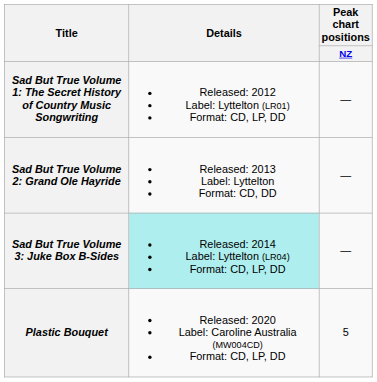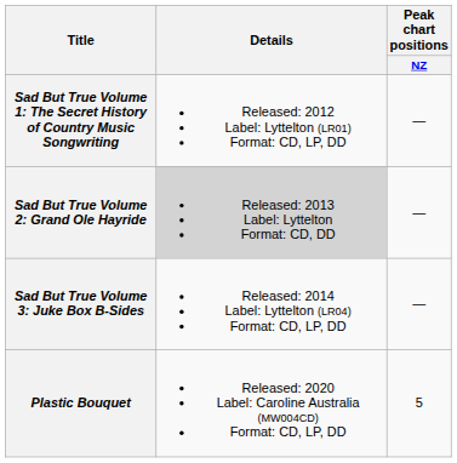 <table class="wikitable plainrowheaders" style="text-align:center;" border="1">
 <tr>
 <th scope="col" rowspan="2" style="width:11em;">Title</th>
 <th scope="col" rowspan="2" style="width:17em;">Details</th>
 <th scope="col" colspan="1">Peak chart positions</th>
 </tr>
 <tr>
 <th scope="col" style="width:3em;font-size:90%;"><a href='#'>NZ</a><br></th>
 </tr>
 <tr>
 <th scope="row"><em>Sad But True Volume 1: The Secret History of Country Music Songwriting</em><br></th>
 <td><br><ul><li>Released: 2012</li><li>Label: Lyttelton <small>(LR01)</small></li><li>Format: CD, LP, DD</li></ul></td>
 <td>—</td>
 </tr>
 <tr>
 <th scope="row"><em>Sad But True Volume 2: Grand Ole Hayride</em><br></th>
-<td><br><ul><li>Released: 2013</li><li>Label: Lyttelton</li><li>Format: CD, DD</li></ul></td>
+<td style="background: lightgrey;"><br><ul><li>Released: 2013</li><li>Label: Lyttelton</li><li>Format: CD, DD</li></ul></td>
 <td>—</td>
 </tr>
 <tr>
 <th scope="row"><em>Sad But True Volume 3: Juke Box B-Sides</em><br></th>
-<td style="background: paleturquoise;"><br><ul><li>Released: 2014</li><li>Label: Lyttelton <small>(LR04)</small></li><li>Format: CD, LP, DD</li></ul></td>
+<td><br><ul><li>Released: 2014</li><li>Label: Lyttelton <small>(LR04)</small></li><li>Format: CD, LP, DD</li></ul></td>
 <td>—</td>
 </tr>
 <tr>
 <th scope="row"><em>Plastic Bouquet</em><br></th>
 <td><br><ul><li>Released: 2020</li><li>Label: Caroline Australia <small>(MW004CD)</small></li><li>Format: CD, LP, DD</li></ul></td>
 <td>5</td>
 </tr>
 </table>
